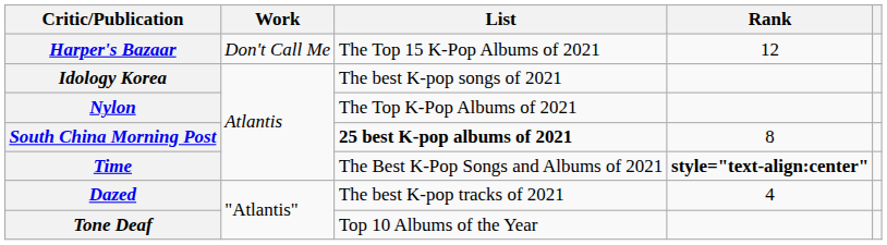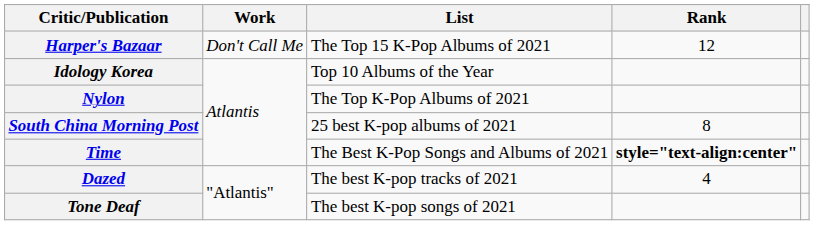 <table class="wikitable sortable plainrowheaders">
 <tr>
 <th>Critic/Publication</th>
 <th scope="col" class="unsortable">Work</th>
 <th scope="col" class="unsortable">List</th>
 <th scope="col" data-sort-type="number">Rank</th>
 <th scope="col" class="unsortable"></th>
 </tr>
 <tr>
 <th scope="row"><em><a href='#'>Harper's Bazaar</a></em></th>
 <td><em>Don't Call Me</em></td>
 <td>The Top 15 K-Pop Albums of 2021</td>
 <td style="text-align:center">12</td>
 <td style="text-align:center"></td>
 </tr>
 <tr>
 <th scope="row"><em>Idology Korea</em></th>
 <td rowspan="4"><em>Atlantis</em></td>
-<td>The best K-pop songs of 2021</td>
+<td>Top 10 Albums of the Year</td>
 <td></td>
 <td style="text-align:center"></td>
 </tr>
 <tr>
 <th scope="row"><em><a href='#'>Nylon</a></em></th>
 <td>The Top K-Pop Albums of 2021</td>
 <td></td>
 <td style="text-align:center"></td>
 </tr>
 <tr>
 <th scope="row"><em><a href='#'>South China Morning Post</a></em></th>
-<td><strong>25 best K-pop albums of 2021</strong></td>
+<td>25 best K-pop albums of 2021</td>
 <td style="text-align:center">8</td>
 <td style="text-align:center"></td>
 </tr>
 <tr>
 <th scope="row"><em><a href='#'>Time</a></em></th>
 <td>The Best K-Pop Songs and Albums of 2021</td>
 <td><strong>style="text-align:center" </strong></td>
 <td style="text-align:center"></td>
 </tr>
 <tr>
 <th scope="row"><em><a href='#'>Dazed</a></em></th>
 <td rowspan="2">"Atlantis"</td>
 <td>The best K-pop tracks of 2021</td>
 <td style="text-align:center">4</td>
 <td style="text-align:center"></td>
 </tr>
 <tr>
 <th scope="row"><em>Tone Deaf</em></th>
-<td>Top 10 Albums of the Year</td>
+<td>The best K-pop songs of 2021</td>
 <td></td>
 <td style="text-align:center"></td>
 </tr>
 </table>
